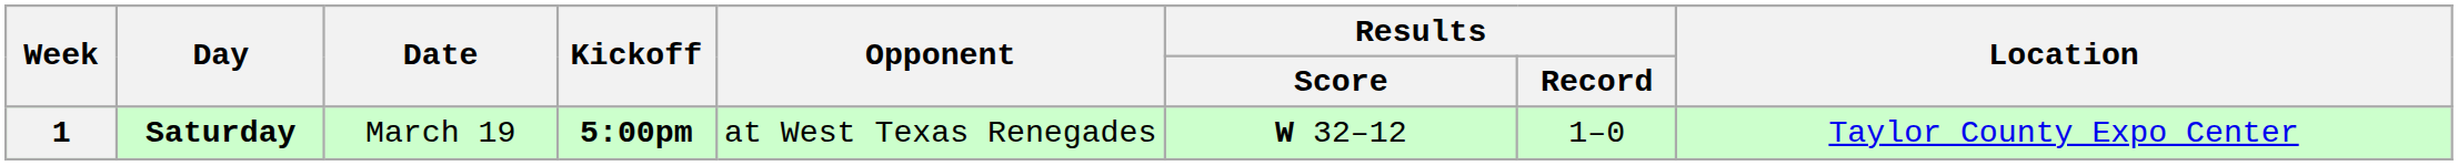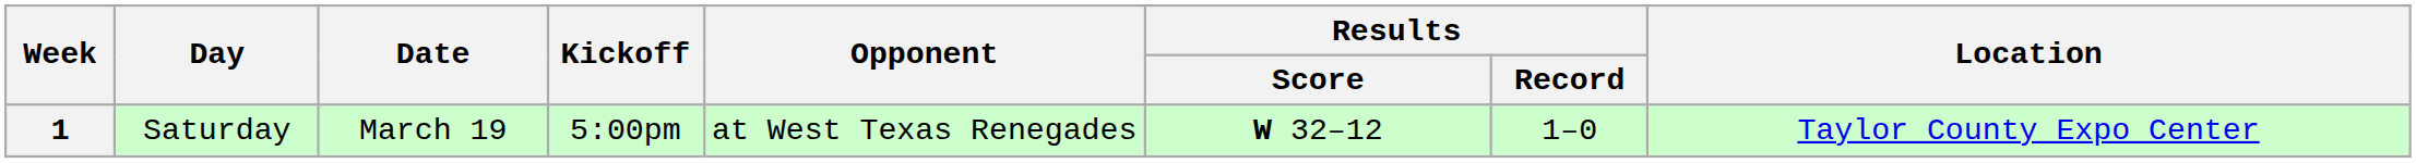 <table class="wikitable">
 <tr>
 <th rowspan="2" width="40">Week</th>
 <th rowspan="2" width="80">Day</th>
 <th rowspan="2" width="90">Date</th>
 <th rowspan="2" width="60">Kickoff</th>
 <th rowspan="2" width="180">Opponent</th>
 <th colspan="2" width="200">Results</th>
 <th rowspan="2" width="315">Location</th>
 </tr>
 <tr>
 <th width="140">Score</th>
 <th width="60">Record</th>
 </tr>
 <tr align="center" bgcolor="#CCFFCC">
 <th>1</th>
-<td><strong>Saturday</strong></td>
+<td>Saturday</td>
 <td>March 19</td>
-<td><strong>5:00pm</strong></td>
+<td>5:00pm</td>
 <td>at West Texas Renegades</td>
 <td><strong>W</strong> 32–12</td>
 <td>1–0</td>
 <td><a href='#'>Taylor County Expo Center</a></td>
 </tr>
 </table>
